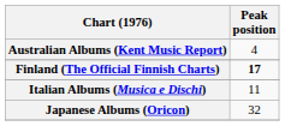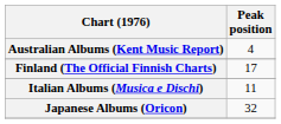 <table class="wikitable sortable plainrowheaders">
 <tr>
 <th>Chart (1976)</th>
 <th>Peak<br>position</th>
 </tr>
 <tr>
 <th scope="row">Australian Albums (<a href='#'>Kent Music Report</a>)</th>
 <td align="center">4</td>
 </tr>
 <tr>
 </tr>
 <tr>
 </tr>
 <tr>
 </tr>
 <tr>
 <th scope="row">Finland (<a href='#'>The Official Finnish Charts</a>)</th>
-<td align="center"><strong>17</strong></td>
+<td align="center">17</td>
 </tr>
 <tr>
 </tr>
 <tr>
 <th scope="row">Italian Albums (<em><a href='#'>Musica e Dischi</a></em>)</th>
 <td align="center">11</td>
 </tr>
 <tr>
 <th scope="row">Japanese Albums (<a href='#'>Oricon</a>)</th>
 <td align="center">32</td>
 </tr>
 <tr>
 </tr>
 <tr>
 </tr>
 <tr>
 </tr>
 <tr>
 </tr>
 <tr>
 </tr>
 </table>
